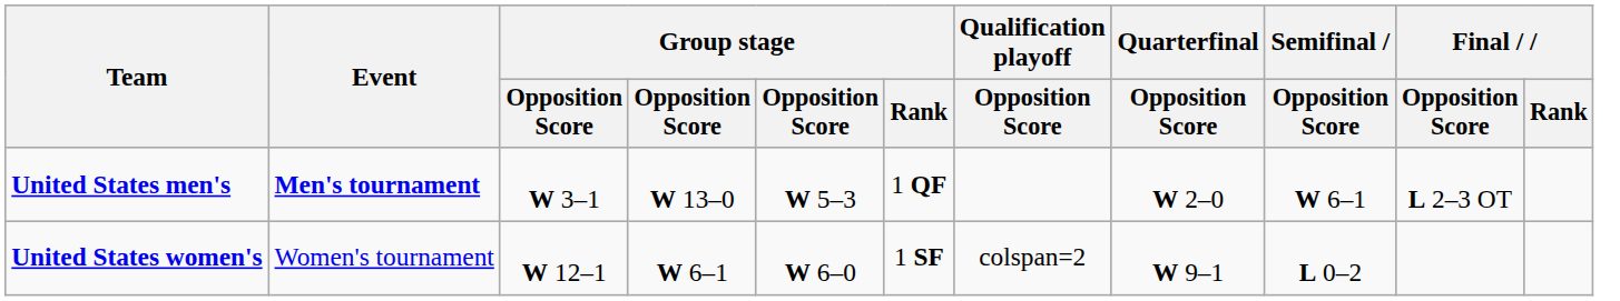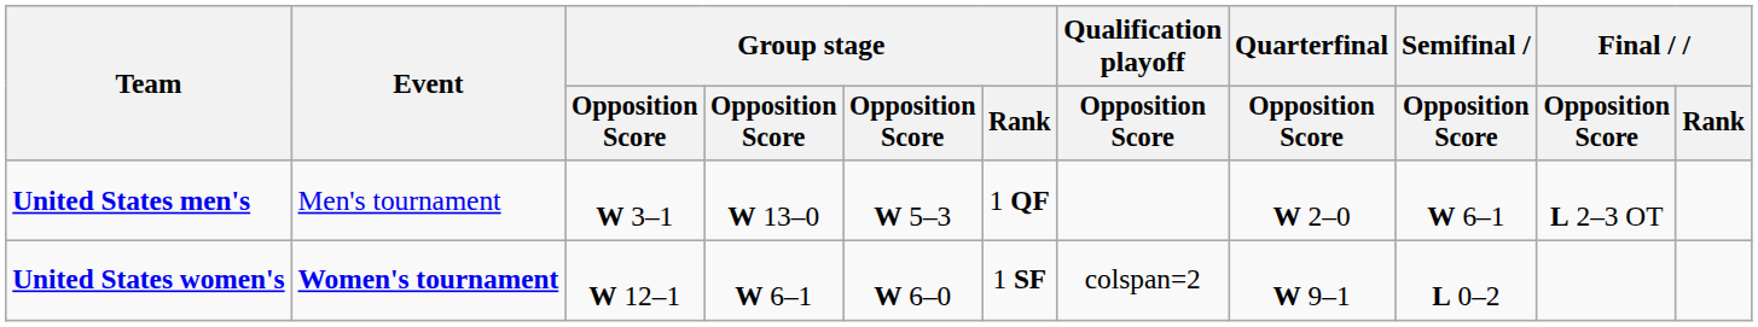 <table class=wikitable style=font-size:90%;text-align:center>
 <tr>
 <th rowspan=2>Team</th>
 <th rowspan=2>Event</th>
 <th colspan=4>Group stage</th>
 <th>Qualification<br>playoff</th>
 <th>Quarterfinal</th>
 <th>Semifinal / </th>
 <th colspan=2>Final /  / </th>
 </tr>
 <tr style=font-size:95%>
 <th>Opposition<br>Score</th>
 <th>Opposition<br>Score</th>
 <th>Opposition<br>Score</th>
 <th>Rank</th>
 <th>Opposition<br>Score</th>
 <th>Opposition<br>Score</th>
 <th>Opposition<br>Score</th>
 <th>Opposition<br>Score</th>
 <th>Rank</th>
 </tr>
 <tr>
 <td align=left><strong><a href='#'>United States men's</a></strong></td>
-<td align=left><strong><a href='#'>Men's tournament</a></strong></td>
+<td align=left><a href='#'>Men's tournament</a></td>
 <td><br><strong>W</strong> 3–1</td>
 <td><br><strong>W</strong> 13–0</td>
 <td><br><strong>W</strong> 5–3</td>
 <td>1 <strong>QF</strong></td>
 <td></td>
 <td><br><strong>W</strong> 2–0</td>
 <td><br><strong>W</strong> 6–1</td>
 <td><br><strong>L</strong> 2–3 OT</td>
 <td></td>
 </tr>
 <tr>
 <td align=left><strong><a href='#'>United States women's</a></strong></td>
-<td align=left><a href='#'>Women's tournament</a></td>
+<td align=left><strong><a href='#'>Women's tournament</a></strong></td>
 <td><br><strong>W</strong> 12–1</td>
 <td><br><strong>W</strong> 6–1</td>
 <td><br><strong>W</strong> 6–0</td>
 <td>1 <strong>SF</strong></td>
 <td>colspan=2 </td>
 <td><br><strong>W</strong> 9–1</td>
 <td><br><strong>L</strong> 0–2</td>
 <td></td>
 </tr>
 </table>
